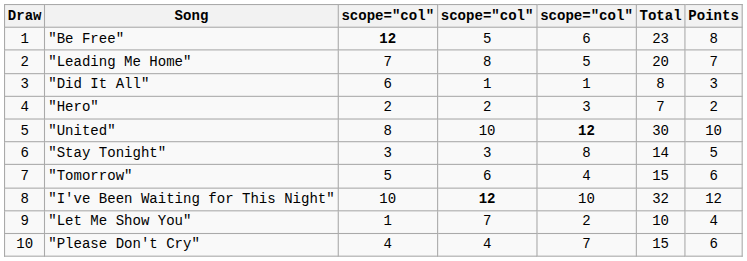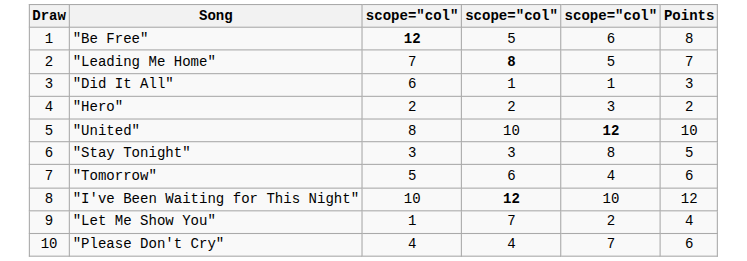 <table class="wikitable collapsible" style="margin: 1em auto 1em auto; text-align:center;">
 <tr>
 <th>Draw</th>
 <th>Song</th>
 <th>scope="col" </th>
 <th>scope="col" </th>
 <th>scope="col" </th>
-<th>Total</th>
 <th>Points</th>
 </tr>
 <tr>
 <td>1</td>
 <td align="left">"Be Free"</td>
 <td><strong>12</strong></td>
 <td>5</td>
 <td>6</td>
-<td>23</td>
 <td>8</td>
 </tr>
 <tr>
 <td>2</td>
 <td align="left">"Leading Me Home"</td>
 <td>7</td>
-<td>8</td>
+<td><strong>8</strong></td>
 <td>5</td>
-<td>20</td>
 <td>7</td>
 </tr>
 <tr>
 <td>3</td>
 <td align="left">"Did It All"</td>
 <td>6</td>
 <td>1</td>
 <td>1</td>
-<td>8</td>
 <td>3</td>
 </tr>
 <tr>
 <td>4</td>
 <td align="left">"Hero"</td>
 <td>2</td>
 <td>2</td>
 <td>3</td>
-<td>7</td>
 <td>2</td>
 </tr>
 <tr>
 <td>5</td>
 <td align="left">"United"</td>
 <td>8</td>
 <td>10</td>
 <td><strong>12</strong></td>
-<td>30</td>
 <td>10</td>
 </tr>
 <tr>
 <td>6</td>
 <td align="left">"Stay Tonight"</td>
 <td>3</td>
 <td>3</td>
 <td>8</td>
-<td>14</td>
 <td>5</td>
 </tr>
 <tr>
 <td>7</td>
 <td align="left">"Tomorrow"</td>
 <td>5</td>
 <td>6</td>
 <td>4</td>
-<td>15</td>
 <td>6</td>
 </tr>
 <tr>
 <td>8</td>
 <td align="left">"I've Been Waiting for This Night"</td>
 <td>10</td>
 <td><strong>12</strong></td>
 <td>10</td>
-<td>32</td>
 <td>12</td>
 </tr>
 <tr>
 <td>9</td>
 <td align="left">"Let Me Show You"</td>
 <td>1</td>
 <td>7</td>
 <td>2</td>
-<td>10</td>
 <td>4</td>
 </tr>
 <tr>
 <td>10</td>
 <td align="left">"Please Don't Cry"</td>
 <td>4</td>
 <td>4</td>
 <td>7</td>
-<td>15</td>
 <td>6</td>
 </tr>
 </table>
